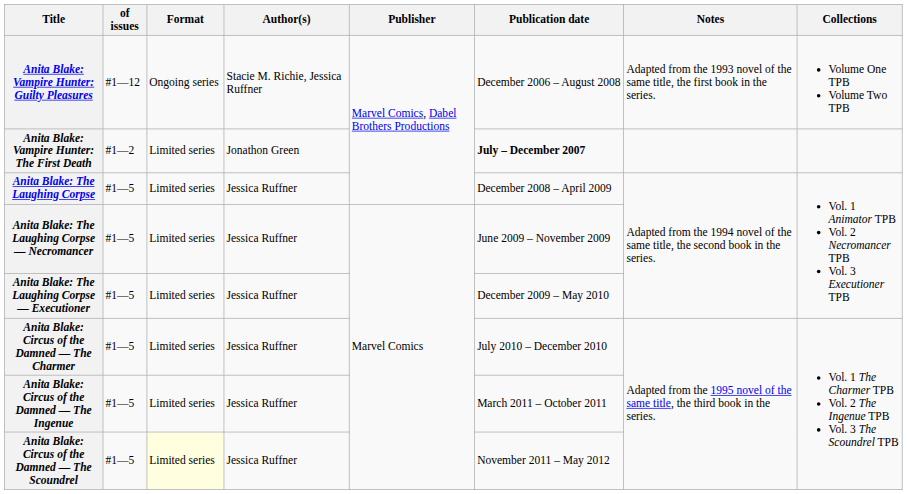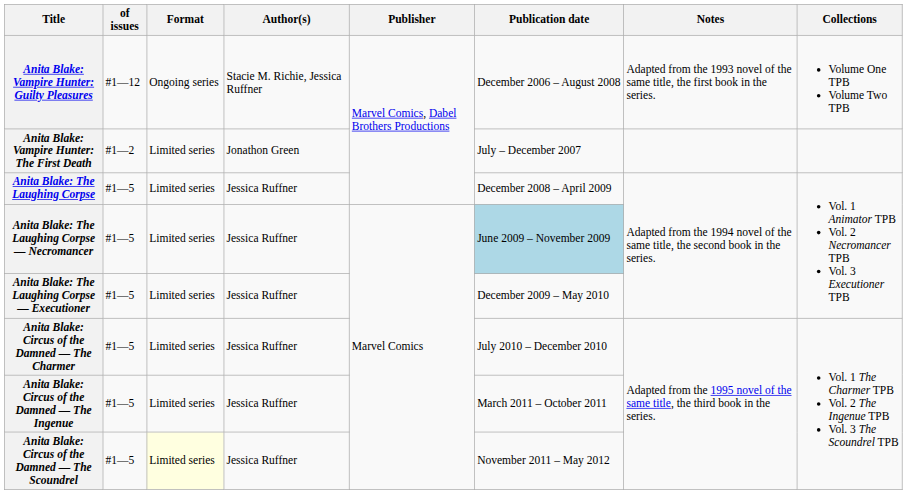 <table class="wikitable">
 <tr>
 <th>Title</th>
 <th style="width:40pt"> of issues</th>
 <th style="width:75pt">Format</th>
 <th style="width:125pt">Author(s)</th>
 <th style="width:125pt">Publisher</th>
 <th style="width:150pt">Publication date</th>
 <th style="width:175pt">Notes</th>
 <th>Collections</th>
 </tr>
 <tr>
 <th><em><a href='#'>Anita Blake: Vampire Hunter: Guilty Pleasures</a></em></th>
 <td>#1—12</td>
 <td>Ongoing series</td>
 <td>Stacie M. Richie, Jessica Ruffner</td>
 <td rowspan="3"><a href='#'>Marvel Comics</a>, <a href='#'>Dabel Brothers Productions</a></td>
 <td>December 2006 – August 2008</td>
 <td>Adapted from the 1993 novel of the same title, the first book in the series.</td>
 <td><br><ul><li>Volume One TPB</li><li>Volume Two TPB</li></ul></td>
 </tr>
 <tr>
 <th><em>Anita Blake: Vampire Hunter: The First Death</em></th>
 <td>#1—2</td>
 <td>Limited series</td>
 <td>Jonathon Green</td>
-<td><strong>July – December 2007</strong></td>
+<td>July – December 2007</td>
 <td></td>
 <td></td>
 </tr>
 <tr>
 <th><em><a href='#'>Anita Blake: The Laughing Corpse</a></em></th>
 <td>#1—5</td>
 <td>Limited series</td>
 <td>Jessica Ruffner</td>
 <td>December 2008 – April 2009</td>
 <td rowspan="3">Adapted from the 1994 novel of the same title, the second book in the series.</td>
 <td rowspan="3"><br><ul><li>Vol. 1 <em>Animator</em> TPB</li><li>Vol. 2 <em>Necromancer</em> TPB</li><li>Vol. 3 <em>Executioner</em> TPB</li></ul></td>
 </tr>
 <tr>
 <th><em>Anita Blake: The Laughing Corpse — Necromancer</em></th>
 <td>#1—5</td>
 <td>Limited series</td>
 <td>Jessica Ruffner</td>
 <td rowspan="5">Marvel Comics</td>
-<td>June 2009 – November 2009</td>
+<td style="background: lightblue;">June 2009 – November 2009</td>
 </tr>
 <tr>
 <th><em>Anita Blake: The Laughing Corpse — Executioner</em></th>
 <td>#1—5</td>
 <td>Limited series</td>
 <td>Jessica Ruffner</td>
 <td>December 2009 – May 2010</td>
 </tr>
 <tr>
 <th><em>Anita Blake: Circus of the Damned — The Charmer</em></th>
 <td>#1—5</td>
 <td>Limited series</td>
 <td>Jessica Ruffner</td>
 <td>July 2010 – December 2010</td>
 <td rowspan="3">Adapted from the <a href='#'>1995 novel of the same title</a>, the third book in the series.</td>
 <td rowspan="3"><br><ul><li>Vol. 1 <em>The Charmer</em> TPB</li><li>Vol. 2 <em>The Ingenue</em> TPB</li><li>Vol. 3 <em>The Scoundrel</em> TPB</li></ul></td>
 </tr>
 <tr>
 <th><em>Anita Blake: Circus of the Damned — The Ingenue</em></th>
 <td>#1—5</td>
 <td>Limited series</td>
 <td>Jessica Ruffner</td>
 <td>March 2011 – October 2011</td>
 </tr>
 <tr>
 <th><em>Anita Blake: Circus of the Damned — The Scoundrel</em></th>
 <td>#1—5</td>
 <td style="background: lightyellow;">Limited series</td>
 <td>Jessica Ruffner</td>
 <td>November 2011 – May 2012</td>
 </tr>
 </table>
